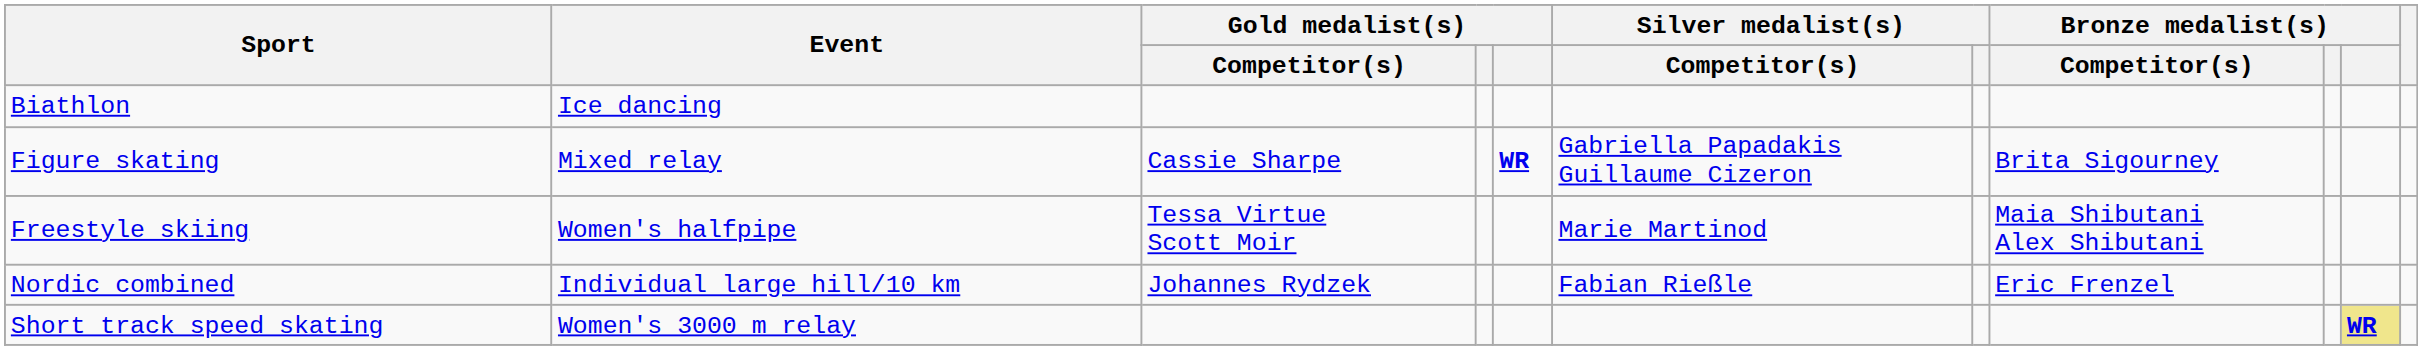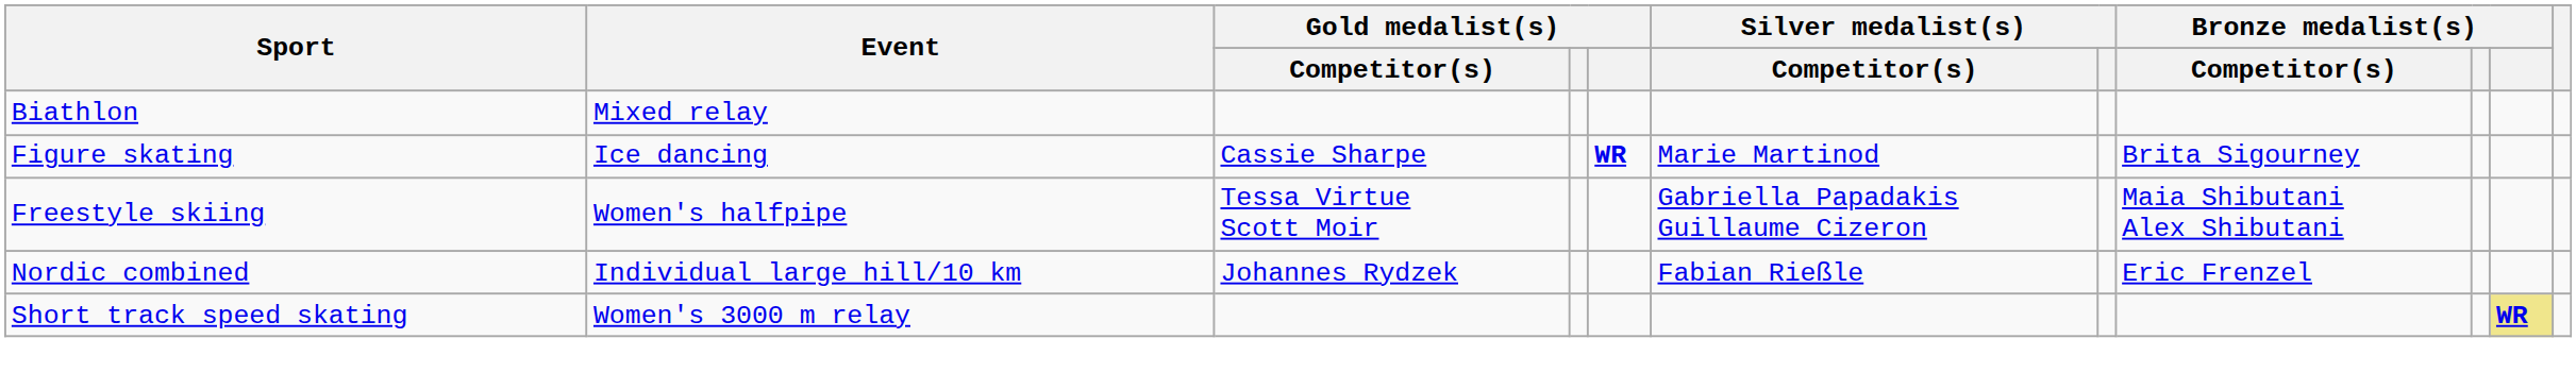 <table class="wikitable" style="width:100%;">
 <tr>
 <th rowspan="2">Sport</th>
 <th rowspan="2">Event</th>
 <th colspan="3">Gold medalist(s)</th>
 <th colspan="2">Silver medalist(s)</th>
 <th colspan="3">Bronze medalist(s)</th>
 <th rowspan="2"></th>
 </tr>
 <tr>
 <th>Competitor(s)</th>
 <th></th>
 <th></th>
 <th>Competitor(s)</th>
 <th></th>
 <th>Competitor(s)</th>
 <th></th>
 <th></th>
 </tr>
 <tr>
 <td><a href='#'>Biathlon</a></td>
-<td><a href='#'>Ice dancing</a></td>
+<td><a href='#'>Mixed relay</a></td>
 <td></td>
 <td></td>
 <td></td>
 <td></td>
 <td></td>
 <td></td>
 <td></td>
 <td></td>
 <td></td>
 </tr>
 <tr>
 <td><a href='#'>Figure skating</a></td>
-<td><a href='#'>Mixed relay</a></td>
+<td><a href='#'>Ice dancing</a></td>
 <td><a href='#'>Cassie Sharpe</a></td>
 <td></td>
 <td><strong><a href='#'>WR</a></strong></td>
-<td><a href='#'>Gabriella Papadakis</a><br><a href='#'>Guillaume Cizeron</a></td>
+<td><a href='#'>Marie Martinod</a></td>
 <td></td>
 <td><a href='#'>Brita Sigourney</a></td>
 <td></td>
 <td></td>
 <td></td>
 </tr>
 <tr>
 <td><a href='#'>Freestyle skiing</a></td>
 <td><a href='#'>Women's halfpipe</a></td>
 <td><a href='#'>Tessa Virtue</a><br><a href='#'>Scott Moir</a></td>
 <td></td>
 <td></td>
-<td><a href='#'>Marie Martinod</a></td>
+<td><a href='#'>Gabriella Papadakis</a><br><a href='#'>Guillaume Cizeron</a></td>
 <td></td>
 <td><a href='#'>Maia Shibutani</a><br><a href='#'>Alex Shibutani</a></td>
 <td></td>
 <td></td>
 <td></td>
 </tr>
 <tr>
 <td><a href='#'>Nordic combined</a></td>
 <td><a href='#'>Individual large hill/10 km</a></td>
 <td><a href='#'>Johannes Rydzek</a></td>
 <td></td>
 <td></td>
 <td><a href='#'>Fabian Rießle</a></td>
 <td></td>
 <td><a href='#'>Eric Frenzel</a></td>
 <td></td>
 <td></td>
 <td></td>
 </tr>
 <tr>
 <td><a href='#'>Short track speed skating</a></td>
 <td><a href='#'>Women's 3000 m relay</a></td>
 <td></td>
 <td></td>
 <td></td>
 <td></td>
 <td></td>
 <td></td>
 <td></td>
 <td style="background: khaki;"><strong><a href='#'>WR</a></strong></td>
 <td></td>
 </tr>
 </table>
